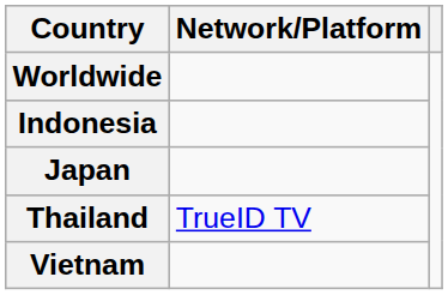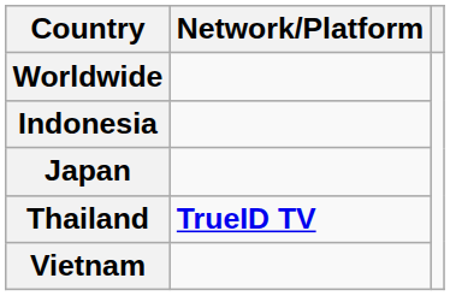 <table class="wikitable plainrowheaders">
 <tr>
 <th scope="col">Country</th>
 <th scope="col">Network/Platform</th>
 <th scope="col"></th>
 </tr>
 <tr>
 <th scope="row">Worldwide</th>
 <td></td>
 <td rowspan="5" style="text-align:center"></td>
 </tr>
 <tr>
 <th scope="row">Indonesia</th>
 <td></td>
 </tr>
 <tr>
 <th scope="row">Japan</th>
 <td></td>
 </tr>
 <tr>
 <th scope="row">Thailand</th>
-<td><a href='#'>TrueID TV</a></td>
+<td><strong><a href='#'>TrueID TV</a></strong></td>
 </tr>
 <tr>
 <th scope="row">Vietnam</th>
 <td></td>
 </tr>
 </table>
